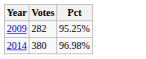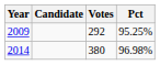 <table class="wikitable" style="margin:0.5em ; font-size:95%">
 <tr>
 <th>Year</th>
+<th>Candidate</th>
 <th>Votes</th>
 <th>Pct</th>
 </tr>
 <tr>
 <td><a href='#'>2009</a></td>
-<td>282</td>
+<td></td>
+<td>292</td>
 <td>95.25%</td>
 </tr>
 <tr>
 <td><a href='#'>2014</a></td>
+<td></td>
 <td>380</td>
 <td>96.98%</td>
 </tr>
 </table>
